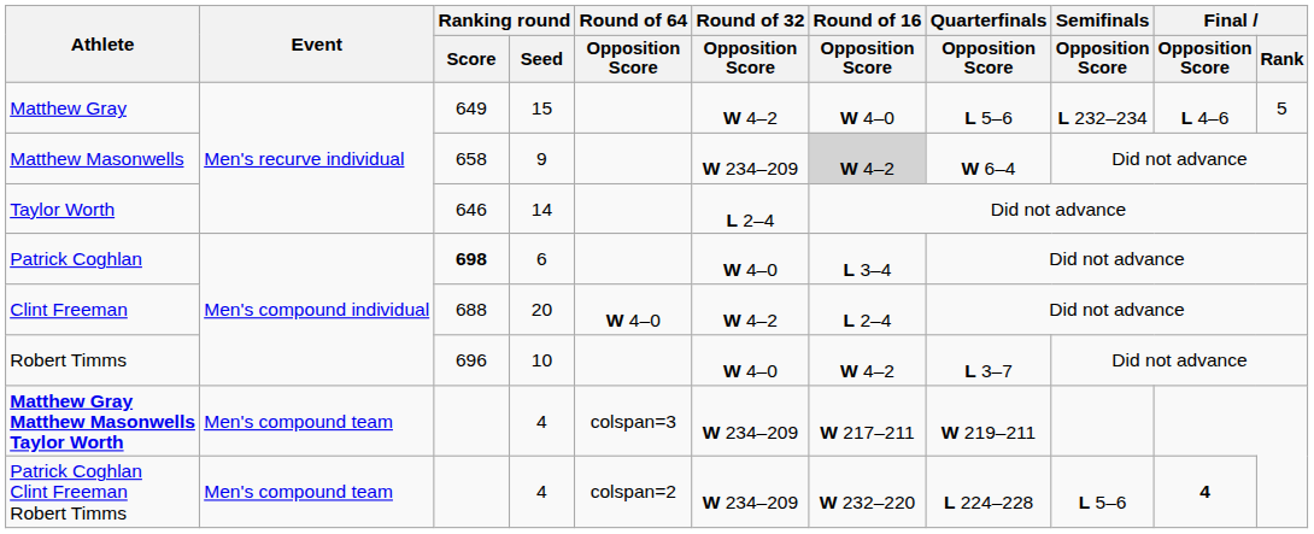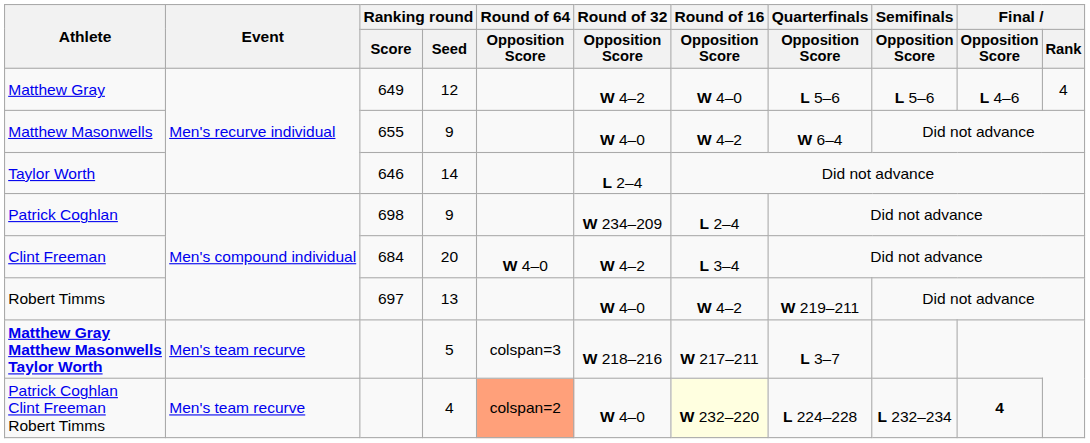 <table class="wikitable" style="font-size:90%">
 <tr>
 <th rowspan="2">Athlete</th>
 <th rowspan="2">Event</th>
 <th colspan="2">Ranking round</th>
 <th>Round of 64</th>
 <th>Round of 32</th>
 <th>Round of 16</th>
 <th>Quarterfinals</th>
 <th>Semifinals</th>
 <th colspan="2">Final / </th>
 </tr>
 <tr style="font-size:95%">
 <th>Score</th>
 <th>Seed</th>
 <th>Opposition<br>Score</th>
 <th>Opposition<br>Score</th>
 <th>Opposition<br>Score</th>
 <th>Opposition<br>Score</th>
 <th>Opposition<br>Score</th>
 <th>Opposition<br>Score</th>
 <th>Rank</th>
 </tr>
 <tr align=center>
 <td align=left><a href='#'>Matthew Gray</a></td>
 <td align=left rowspan=3><a href='#'>Men's recurve individual</a></td>
 <td>649</td>
-<td>15</td>
+<td>12</td>
 <td></td>
 <td><br><strong>W</strong> 4–2</td>
 <td><br><strong>W</strong> 4–0</td>
 <td><br><strong>L</strong> 5–6</td>
-<td><br><strong>L</strong> 232–234</td>
+<td><br><strong>L</strong> 5–6</td>
 <td><br><strong>L</strong> 4–6</td>
-<td>5</td>
+<td>4</td>
 </tr>
 <tr align=center>
 <td align=left><a href='#'>Matthew Masonwells</a></td>
-<td>658</td>
+<td>655</td>
 <td>9</td>
 <td></td>
-<td><br><strong>W</strong> 234–209</td>
-<td style="background: lightgrey;"><br><strong>W</strong> 4–2</td>
+<td><br><strong>W</strong> 4–0</td>
+<td><br><strong>W</strong> 4–2</td>
 <td><br><strong>W</strong> 6–4</td>
 <td colspan=3>Did not advance</td>
 </tr>
 <tr align=center>
 <td align=left><a href='#'>Taylor Worth</a></td>
 <td>646</td>
 <td>14</td>
 <td></td>
 <td><br><strong>L</strong> 2–4</td>
 <td colspan=5>Did not advance</td>
 </tr>
 <tr align=center>
 <td align=left><a href='#'>Patrick Coghlan</a></td>
 <td align=left rowspan=3><a href='#'>Men's compound individual</a></td>
-<td><strong>698</strong></td>
-<td>6</td>
+<td>698</td>
+<td>9</td>
 <td></td>
+<td><br><strong>W</strong> 234–209</td>
+<td><br><strong>L</strong> 2–4</td>
+<td colspan=4>Did not advance</td>
+</tr>
+<tr align=center>
+<td align=left><a href='#'>Clint Freeman</a></td>
+<td>684</td>
+<td>20</td>
 <td><br><strong>W</strong> 4–0</td>
+<td><br><strong>W</strong> 4–2</td>
 <td><br><strong>L</strong> 3–4</td>
 <td colspan=4>Did not advance</td>
 </tr>
 <tr align=center>
-<td align=left><a href='#'>Clint Freeman</a></td>
-<td>688</td>
-<td>20</td>
-<td><br><strong>W</strong> 4–0</td>
-<td><br><strong>W</strong> 4–2</td>
-<td><br><strong>L</strong> 2–4</td>
-<td colspan=4>Did not advance</td>
-</tr>
-<tr align=center>
 <td align=left>Robert Timms</td>
-<td>696</td>
-<td>10</td>
+<td>697</td>
+<td>13</td>
 <td></td>
 <td><br><strong>W</strong> 4–0</td>
 <td><br><strong>W</strong> 4–2</td>
-<td><br><strong>L</strong> 3–7</td>
+<td><br><strong>W</strong> 219–211</td>
 <td colspan=3>Did not advance</td>
 </tr>
 <tr align=center>
 <td align=left><strong><a href='#'>Matthew Gray</a><br><a href='#'>Matthew Masonwells</a><br><a href='#'>Taylor Worth</a></strong></td>
-<td align=left><a href='#'>Men's compound team</a></td>
+<td align=left><a href='#'>Men's team recurve</a></td>
 <td></td>
-<td>4</td>
+<td>5</td>
 <td>colspan=3 </td>
-<td><br><strong>W</strong> 234–209</td>
+<td><br><strong>W</strong> 218–216</td>
 <td><br><strong>W</strong> 217–211</td>
-<td><br><strong>W</strong> 219–211</td>
+<td><br><strong>L</strong> 3–7</td>
 <td></td>
 </tr>
 <tr align=center>
 <td align=left><a href='#'>Patrick Coghlan</a><br><a href='#'>Clint Freeman</a><br>Robert Timms</td>
-<td align=left><a href='#'>Men's compound team</a></td>
+<td align=left><a href='#'>Men's team recurve</a></td>
 <td></td>
 <td>4</td>
-<td>colspan=2 </td>
-<td><br><strong>W</strong> 234–209</td>
-<td><br><strong>W</strong> 232–220</td>
+<td style="background: lightsalmon;">colspan=2 </td>
+<td><br><strong>W</strong> 4–0</td>
+<td style="background: lightyellow;"><br><strong>W</strong> 232–220</td>
 <td><br><strong>L</strong> 224–228</td>
-<td><br><strong>L</strong> 5–6</td>
+<td><br><strong>L</strong> 232–234</td>
 <td><strong>4</strong></td>
 </tr>
 </table>
